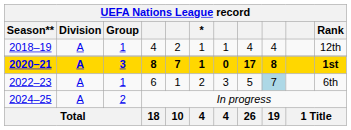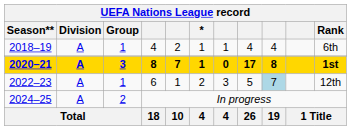 <table class="wikitable" style="text-align: center;">
 <tr>
 <th colspan=11><a href='#'>UEFA Nations League</a> record</th>
 </tr>
 <tr>
 <th>Season**</th>
 <th>Division</th>
 <th>Group</th>
 <th width=28></th>
 <th width=28></th>
 <th width=28>*</th>
 <th width=28></th>
 <th width=28></th>
 <th width=28></th>
 <th width=35></th>
 <th width=28>Rank</th>
 </tr>
 <tr>
 <td> <a href='#'>2018–19</a></td>
 <td><a href='#'>A</a></td>
 <td><a href='#'>1</a></td>
 <td>4</td>
 <td>2</td>
 <td>1</td>
 <td>1</td>
 <td>4</td>
 <td>4</td>
 <td></td>
-<td>12th</td>
+<td>6th</td>
 </tr>
 <tr>
 </tr>
 <tr style="background:Gold;">
 <td><strong> <a href='#'>2020–21</a></strong></td>
 <td><strong><a href='#'>A</a></strong></td>
 <td><strong><a href='#'>3</a></strong></td>
 <td><strong>8</strong></td>
 <td><strong>7</strong></td>
 <td><strong>1</strong></td>
 <td><strong>0</strong></td>
 <td><strong>17</strong></td>
 <td><strong>8</strong></td>
 <td></td>
 <td><strong>1st</strong></td>
 </tr>
 <tr>
 <td> <a href='#'>2022–23</a></td>
 <td><a href='#'>A</a></td>
 <td><a href='#'>1</a></td>
 <td>6</td>
 <td>1</td>
 <td>2</td>
 <td>3</td>
 <td>5</td>
 <td style="background: lightblue;">7</td>
 <td></td>
-<td>6th</td>
+<td>12th</td>
 </tr>
 <tr>
 <td> <a href='#'>2024–25</a></td>
 <td><a href='#'>A</a></td>
 <td><a href='#'>2</a></td>
 <td colspan="8"><em>In progress</em></td>
 </tr>
 <tr>
 <th colspan=3>Total</th>
 <th>18</th>
 <th>10</th>
 <th>4</th>
 <th>4</th>
 <th>26</th>
 <th>19</th>
 <th colspan=2>1 Title</th>
 </tr>
 </table>
